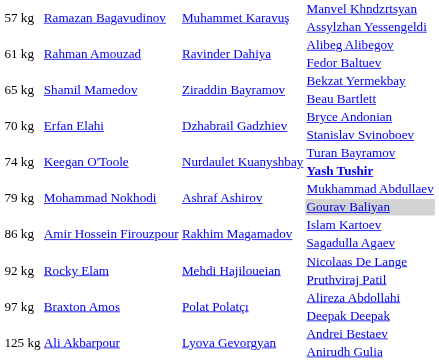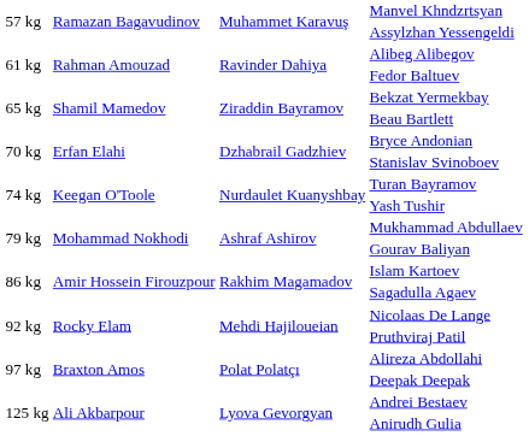 <table>
 <tr>
 <td rowspan=2>57 kg</td>
 <td rowspan=2> <a href='#'>Ramazan Bagavudinov</a></td>
 <td rowspan=2> <a href='#'>Muhammet Karavuş</a></td>
 <td> <a href='#'>Manvel Khndzrtsyan</a></td>
 </tr>
 <tr>
 <td> <a href='#'>Assylzhan Yessengeldi</a></td>
 </tr>
 <tr>
 <td rowspan=2>61 kg</td>
 <td rowspan=2> <a href='#'>Rahman Amouzad</a></td>
 <td rowspan=2> <a href='#'>Ravinder Dahiya</a></td>
 <td> <a href='#'>Alibeg Alibegov</a></td>
 </tr>
 <tr>
 <td> <a href='#'>Fedor Baltuev</a></td>
 </tr>
 <tr>
 <td rowspan=2>65 kg</td>
 <td rowspan=2> <a href='#'>Shamil Mamedov</a></td>
 <td rowspan=2> <a href='#'>Ziraddin Bayramov</a></td>
 <td> <a href='#'>Bekzat Yermekbay</a></td>
 </tr>
 <tr>
 <td> <a href='#'>Beau Bartlett</a></td>
 </tr>
 <tr>
 <td rowspan=2>70 kg</td>
 <td rowspan=2> <a href='#'>Erfan Elahi</a></td>
 <td rowspan=2> <a href='#'>Dzhabrail Gadzhiev</a></td>
 <td> <a href='#'>Bryce Andonian</a></td>
 </tr>
 <tr>
 <td> <a href='#'>Stanislav Svinoboev</a></td>
 </tr>
 <tr>
 <td rowspan=2>74 kg</td>
 <td rowspan=2> <a href='#'>Keegan O'Toole</a></td>
 <td rowspan=2> <a href='#'>Nurdaulet Kuanyshbay</a></td>
 <td> <a href='#'>Turan Bayramov</a></td>
 </tr>
 <tr>
-<td><strong> <a href='#'>Yash Tushir</a></strong></td>
+<td> <a href='#'>Yash Tushir</a></td>
 </tr>
 <tr>
 <td rowspan=2>79 kg</td>
 <td rowspan=2> <a href='#'>Mohammad Nokhodi</a></td>
 <td rowspan=2> <a href='#'>Ashraf Ashirov</a></td>
 <td> <a href='#'>Mukhammad Abdullaev</a></td>
 </tr>
 <tr>
-<td style="background: lightgrey;"> <a href='#'>Gourav Baliyan</a></td>
+<td> <a href='#'>Gourav Baliyan</a></td>
 </tr>
 <tr>
 <td rowspan=2>86 kg</td>
 <td rowspan=2> <a href='#'>Amir Hossein Firouzpour</a></td>
 <td rowspan=2> <a href='#'>Rakhim Magamadov</a></td>
 <td> <a href='#'>Islam Kartoev</a></td>
 </tr>
 <tr>
 <td> <a href='#'>Sagadulla Agaev</a></td>
 </tr>
 <tr>
 <td rowspan=2>92 kg</td>
 <td rowspan=2> <a href='#'>Rocky Elam</a></td>
 <td rowspan=2> <a href='#'>Mehdi Hajiloueian</a></td>
 <td> <a href='#'>Nicolaas De Lange</a></td>
 </tr>
 <tr>
 <td> <a href='#'>Pruthviraj Patil</a></td>
 </tr>
 <tr>
 <td rowspan=2>97 kg</td>
 <td rowspan=2> <a href='#'>Braxton Amos</a></td>
 <td rowspan=2> <a href='#'>Polat Polatçı</a></td>
 <td> <a href='#'>Alireza Abdollahi</a></td>
 </tr>
 <tr>
 <td> <a href='#'>Deepak Deepak</a></td>
 </tr>
 <tr>
 <td rowspan=2>125 kg</td>
 <td rowspan=2> <a href='#'>Ali Akbarpour</a></td>
 <td rowspan=2> <a href='#'>Lyova Gevorgyan</a></td>
 <td> <a href='#'>Andrei Bestaev</a></td>
 </tr>
 <tr>
 <td> <a href='#'>Anirudh Gulia</a></td>
 </tr>
 </table>
